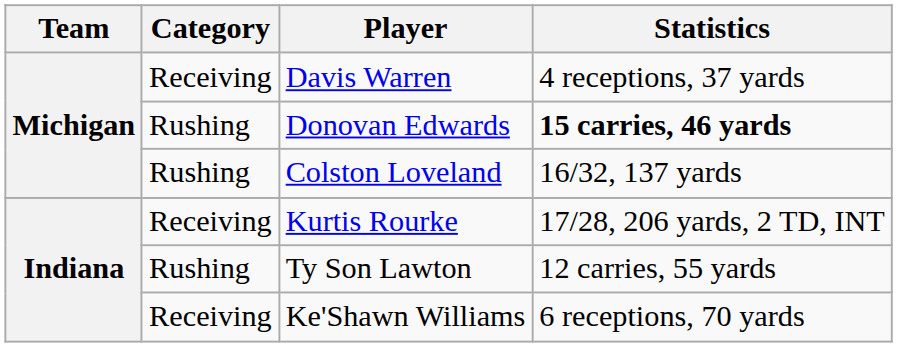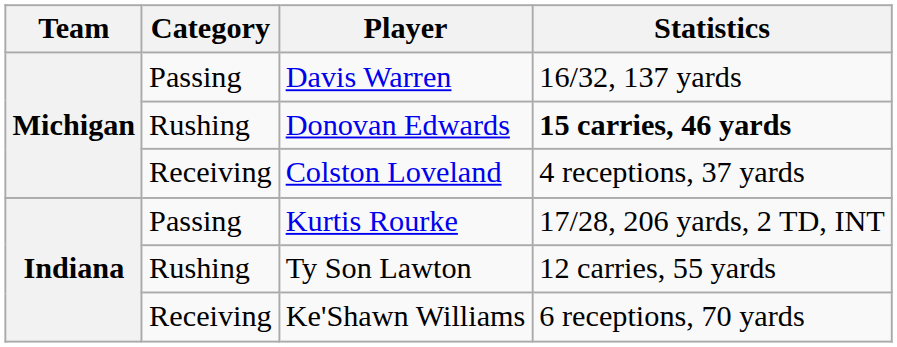 <table class="wikitable" style="float:right">
 <tr>
 <th>Team</th>
 <th>Category</th>
 <th>Player</th>
 <th>Statistics</th>
 </tr>
 <tr>
 <th rowspan=3>Michigan</th>
-<td>Receiving</td>
+<td>Passing</td>
 <td><a href='#'>Davis Warren</a></td>
-<td>4 receptions, 37 yards</td>
+<td>16/32, 137 yards</td>
 </tr>
 <tr>
 <td>Rushing</td>
 <td><a href='#'>Donovan Edwards</a></td>
 <td><strong>15 carries, 46 yards</strong></td>
 </tr>
 <tr>
-<td>Rushing</td>
+<td>Receiving</td>
 <td><a href='#'>Colston Loveland</a></td>
-<td>16/32, 137 yards</td>
+<td>4 receptions, 37 yards</td>
 </tr>
 <tr>
 <th rowspan=3>Indiana</th>
-<td>Receiving</td>
+<td>Passing</td>
 <td><a href='#'>Kurtis Rourke</a></td>
 <td>17/28, 206 yards, 2 TD, INT</td>
 </tr>
 <tr>
 <td>Rushing</td>
 <td>Ty Son Lawton</td>
 <td>12 carries, 55 yards</td>
 </tr>
 <tr>
 <td>Receiving</td>
 <td>Ke'Shawn Williams</td>
 <td>6 receptions, 70 yards</td>
 </tr>
 </table>
